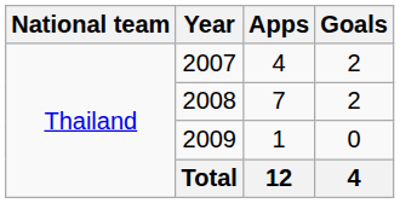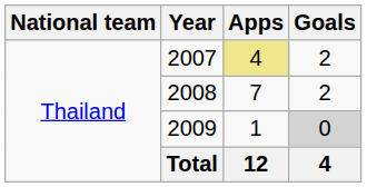 <table class="wikitable" style="text-align:center">
 <tr>
 <th>National team</th>
 <th>Year</th>
 <th>Apps</th>
 <th>Goals</th>
 </tr>
 <tr>
 <td rowspan="4" valign="center"><a href='#'>Thailand</a></td>
 <td>2007</td>
-<td>4</td>
+<td style="background: khaki;">4</td>
 <td>2</td>
 </tr>
 <tr>
 <td>2008</td>
 <td>7</td>
 <td>2</td>
 </tr>
 <tr>
 <td>2009</td>
 <td>1</td>
-<td>0</td>
+<td style="background: lightgrey;">0</td>
 </tr>
 <tr>
 <th>Total</th>
 <th>12</th>
 <th>4</th>
 </tr>
 </table>
